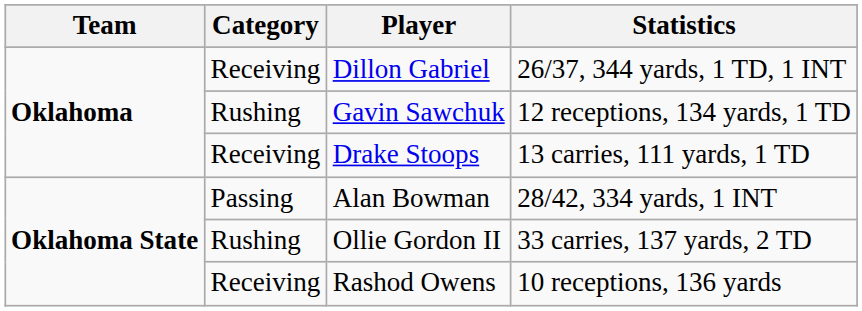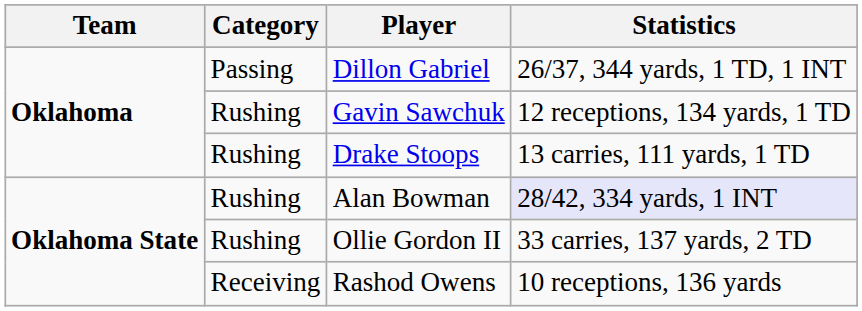 <table class="wikitable" style="float: right;">
 <tr>
 <th>Team</th>
 <th>Category</th>
 <th>Player</th>
 <th>Statistics</th>
 </tr>
 <tr>
 <td rowspan=3><strong>Oklahoma</strong></td>
-<td>Receiving</td>
+<td>Passing</td>
 <td><a href='#'>Dillon Gabriel</a></td>
 <td>26/37, 344 yards, 1 TD, 1 INT</td>
 </tr>
 <tr>
 <td>Rushing</td>
 <td><a href='#'>Gavin Sawchuk</a></td>
 <td>12 receptions, 134 yards, 1 TD</td>
 </tr>
 <tr>
-<td>Receiving</td>
+<td>Rushing</td>
 <td><a href='#'>Drake Stoops</a></td>
 <td>13 carries, 111 yards, 1 TD</td>
 </tr>
 <tr>
 <td rowspan=3><strong>Oklahoma State</strong></td>
-<td>Passing</td>
+<td>Rushing</td>
 <td>Alan Bowman</td>
-<td>28/42, 334 yards, 1 INT</td>
+<td style="background: lavender;">28/42, 334 yards, 1 INT</td>
 </tr>
 <tr>
 <td>Rushing</td>
 <td>Ollie Gordon II</td>
 <td>33 carries, 137 yards, 2 TD</td>
 </tr>
 <tr>
 <td>Receiving</td>
 <td>Rashod Owens</td>
 <td>10 receptions, 136 yards</td>
 </tr>
 </table>
